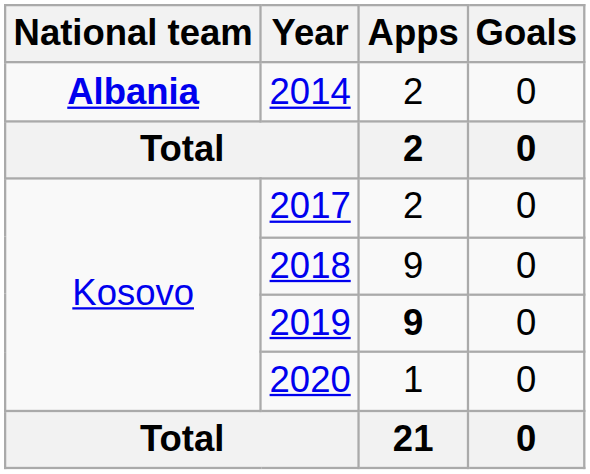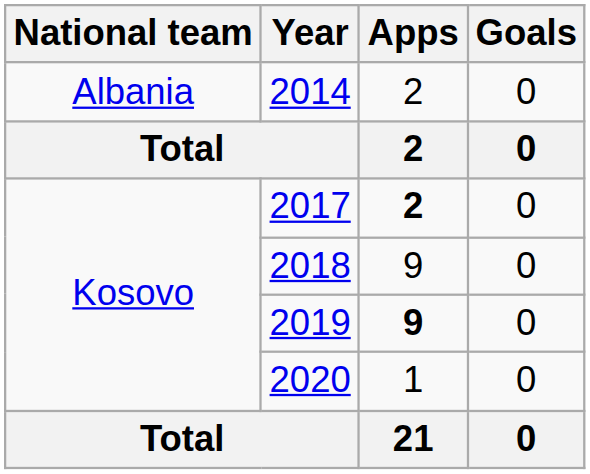 <table class="wikitable" style="text-align:center">
 <tr>
 <th>National team</th>
 <th>Year</th>
 <th>Apps</th>
 <th>Goals</th>
 </tr>
 <tr>
-<td><strong><a href='#'>Albania</a></strong></td>
+<td><a href='#'>Albania</a></td>
 <td><a href='#'>2014</a></td>
 <td>2</td>
 <td>0</td>
 </tr>
 <tr>
 <th colspan="2">Total</th>
 <th>2</th>
 <th>0</th>
 </tr>
 <tr>
 <td rowspan="4"><a href='#'>Kosovo</a></td>
 <td><a href='#'>2017</a></td>
-<td>2</td>
+<td><strong>2</strong></td>
 <td>0</td>
 </tr>
 <tr>
 <td><a href='#'>2018</a></td>
 <td>9</td>
 <td>0</td>
 </tr>
 <tr>
 <td><a href='#'>2019</a></td>
 <td><strong>9</strong></td>
 <td>0</td>
 </tr>
 <tr>
 <td><a href='#'>2020</a></td>
 <td>1</td>
 <td>0</td>
 </tr>
 <tr>
 <th colspan="2">Total</th>
 <th>21</th>
 <th>0</th>
 </tr>
 </table>
